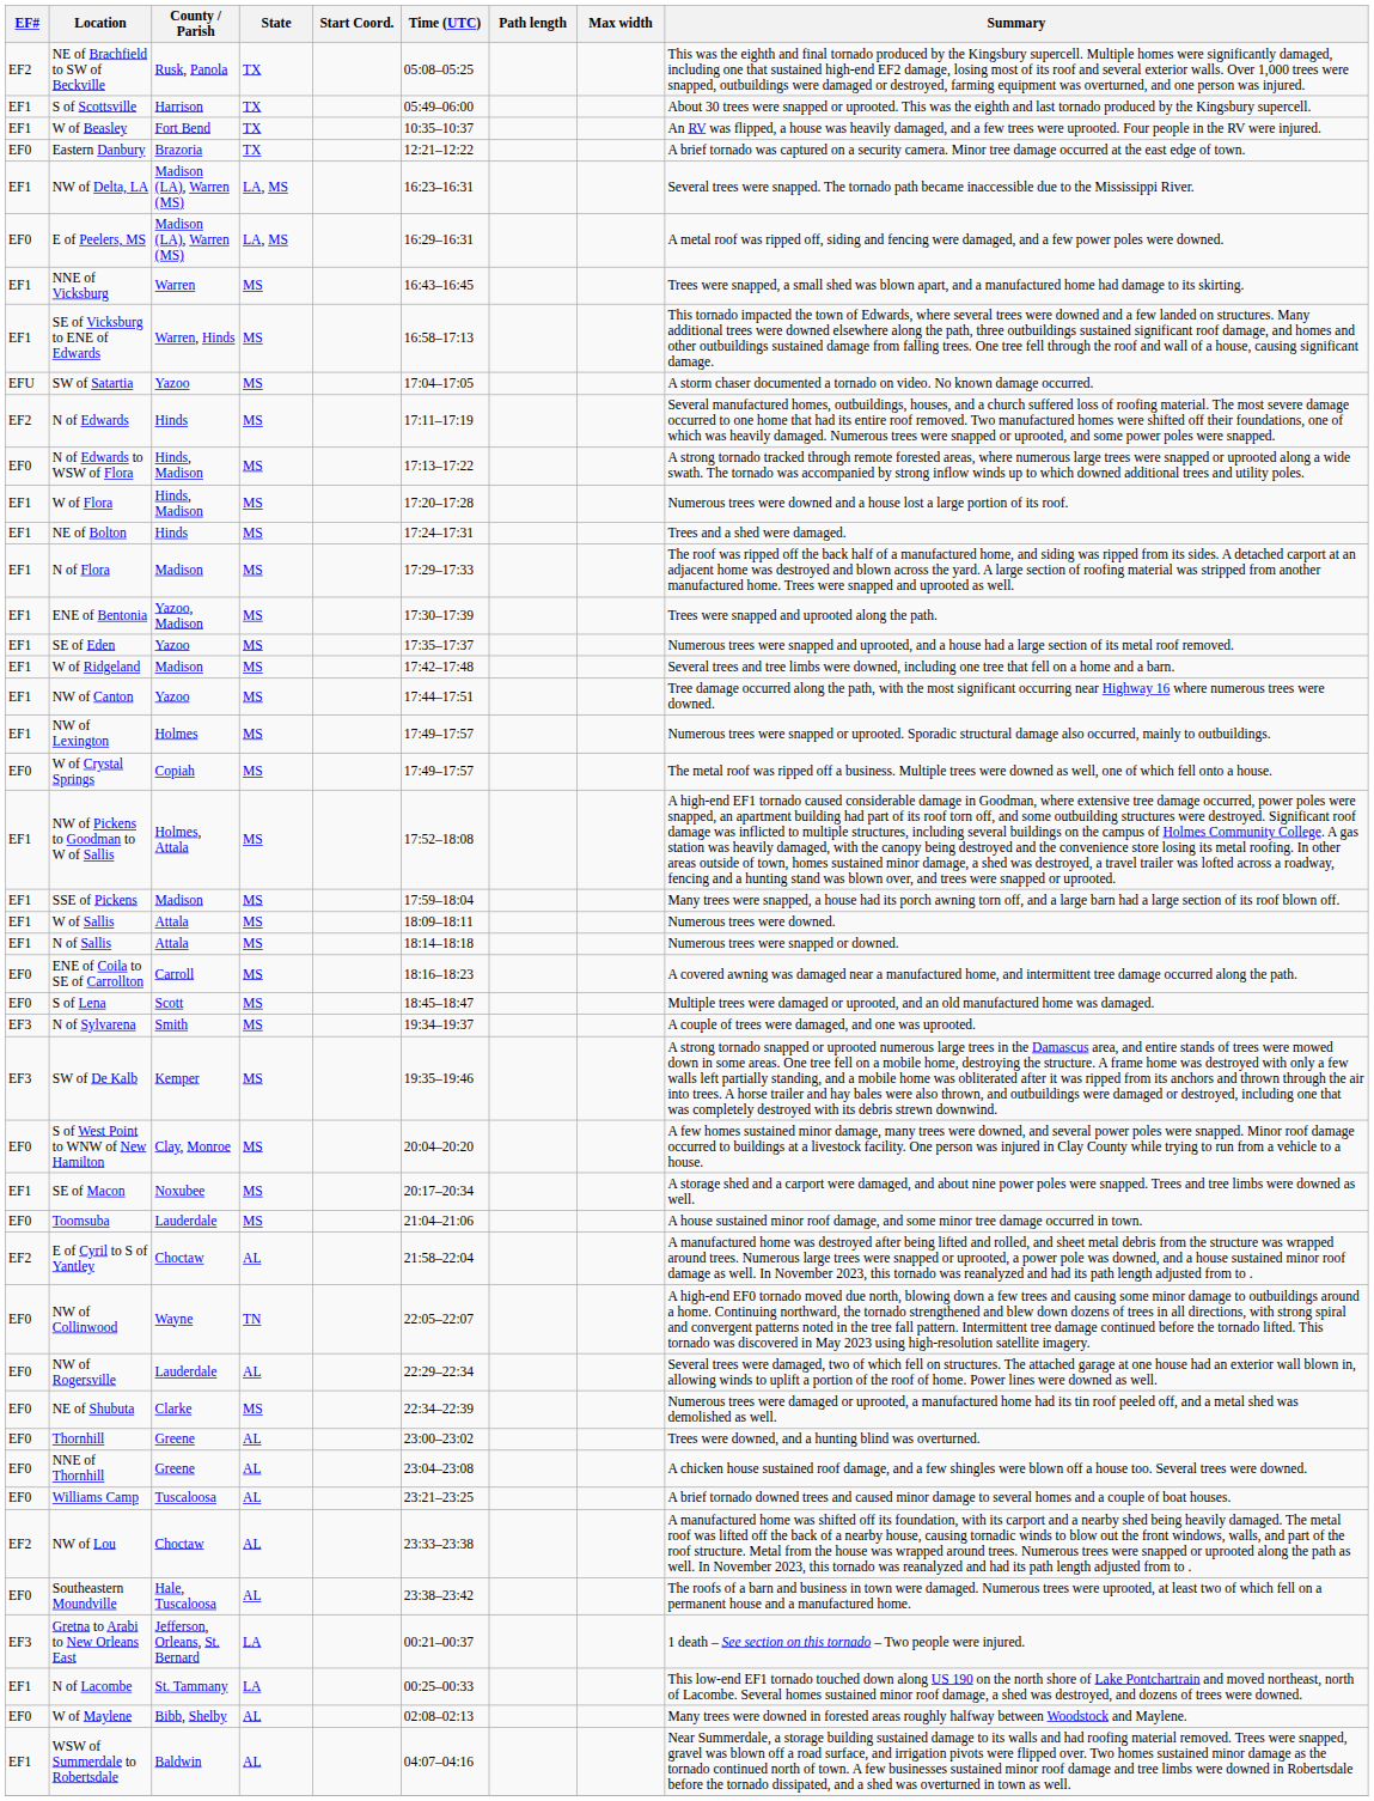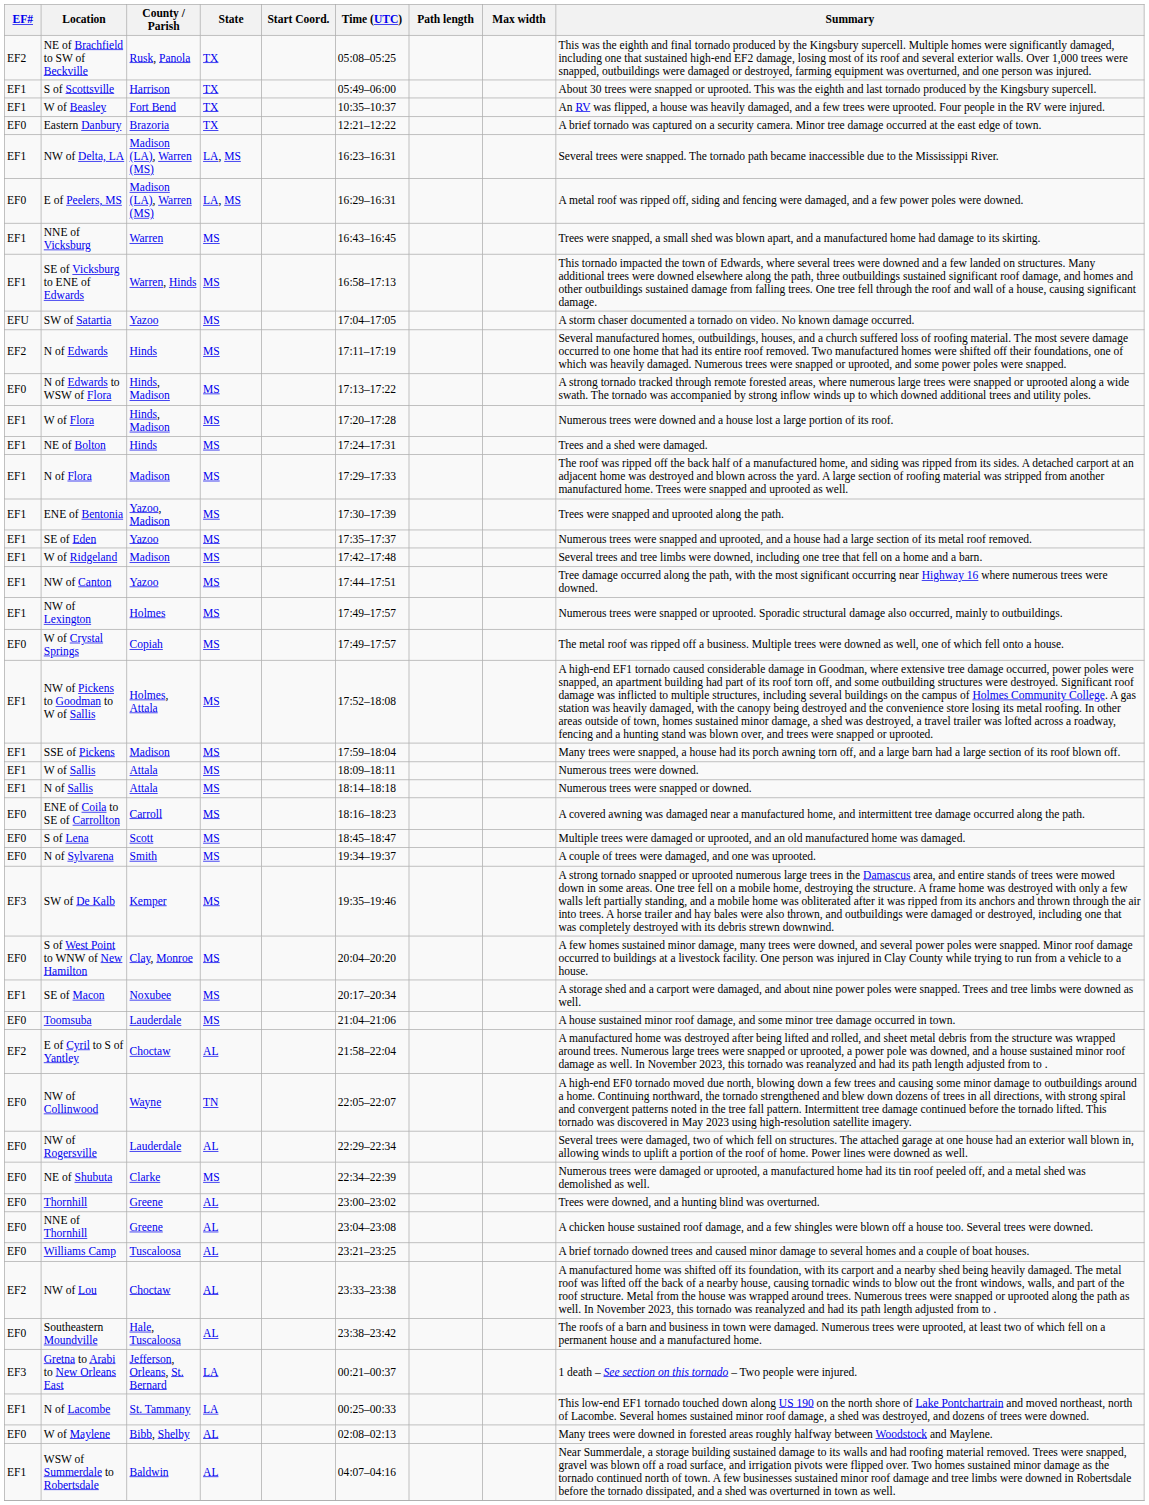 <table class="wikitable sortable" style="width:100%;">
 <tr>
 <th scope="col"  style="width:3%; text-align:center;"><a href='#'>EF#</a></th>
 <th scope="col"  style="width:7%; text-align:center;" class="unsortable">Location</th>
 <th scope="col"  style="width:6%; text-align:center;" class="unsortable">County / Parish</th>
 <th scope="col"  style="width:5%; text-align:center;">State</th>
 <th scope="col"  style="width:6%; text-align:center;">Start Coord.</th>
 <th scope="col"  style="width:6%; text-align:center;">Time (<a href='#'>UTC</a>)</th>
 <th scope="col"  style="width:6%; text-align:center;">Path length</th>
 <th scope="col"  style="width:6%; text-align:center;">Max width</th>
 <th scope="col" class="unsortable" style="width:48%; text-align:center;">Summary</th>
 </tr>
 <tr>
 <td>EF2</td>
 <td>NE of <a href='#'>Brachfield</a> to SW of <a href='#'>Beckville</a></td>
 <td><a href='#'>Rusk</a>, <a href='#'>Panola</a></td>
 <td><a href='#'>TX</a></td>
 <td></td>
 <td>05:08–05:25</td>
 <td></td>
 <td></td>
 <td>This was the eighth and final tornado produced by the Kingsbury supercell. Multiple homes were significantly damaged, including one that sustained high-end EF2 damage, losing most of its roof and several exterior walls. Over 1,000 trees were snapped, outbuildings were damaged or destroyed, farming equipment was overturned, and one person was injured.</td>
 </tr>
 <tr>
 <td>EF1</td>
 <td>S of <a href='#'>Scottsville</a></td>
 <td><a href='#'>Harrison</a></td>
 <td><a href='#'>TX</a></td>
 <td></td>
 <td>05:49–06:00</td>
 <td></td>
 <td></td>
 <td>About 30 trees were snapped or uprooted. This was the eighth and last tornado produced by the Kingsbury supercell.</td>
 </tr>
 <tr>
 <td>EF1</td>
 <td>W of <a href='#'>Beasley</a></td>
 <td><a href='#'>Fort Bend</a></td>
 <td><a href='#'>TX</a></td>
 <td></td>
 <td>10:35–10:37</td>
 <td></td>
 <td></td>
 <td>An <a href='#'>RV</a> was flipped, a house was heavily damaged, and a few trees were uprooted. Four people in the RV were injured.</td>
 </tr>
 <tr>
 <td>EF0</td>
 <td>Eastern <a href='#'>Danbury</a></td>
 <td><a href='#'>Brazoria</a></td>
 <td><a href='#'>TX</a></td>
 <td></td>
 <td>12:21–12:22</td>
 <td></td>
 <td></td>
 <td>A brief tornado was captured on a security camera. Minor tree damage occurred at the east edge of town.</td>
 </tr>
 <tr>
 <td>EF1</td>
 <td>NW of <a href='#'>Delta, LA</a></td>
 <td><a href='#'>Madison (LA)</a>, <a href='#'>Warren (MS)</a></td>
 <td><a href='#'>LA</a>, <a href='#'>MS</a></td>
 <td></td>
 <td>16:23–16:31</td>
 <td></td>
 <td></td>
 <td>Several trees were snapped. The tornado path became inaccessible due to the Mississippi River.</td>
 </tr>
 <tr>
 <td>EF0</td>
 <td>E of <a href='#'>Peelers, MS</a></td>
 <td><a href='#'>Madison (LA)</a>, <a href='#'>Warren (MS)</a></td>
 <td><a href='#'>LA</a>, <a href='#'>MS</a></td>
 <td></td>
 <td>16:29–16:31</td>
 <td></td>
 <td></td>
 <td>A metal roof was ripped off, siding and fencing were damaged, and a few power poles were downed.</td>
 </tr>
 <tr>
 <td>EF1</td>
 <td>NNE of <a href='#'>Vicksburg</a></td>
 <td><a href='#'>Warren</a></td>
 <td><a href='#'>MS</a></td>
 <td></td>
 <td>16:43–16:45</td>
 <td></td>
 <td></td>
 <td>Trees were snapped, a small shed was blown apart, and a manufactured home had damage to its skirting.</td>
 </tr>
 <tr>
 <td>EF1</td>
 <td>SE of <a href='#'>Vicksburg</a> to ENE of <a href='#'>Edwards</a></td>
 <td><a href='#'>Warren</a>, <a href='#'>Hinds</a></td>
 <td><a href='#'>MS</a></td>
 <td></td>
 <td>16:58–17:13</td>
 <td></td>
 <td></td>
 <td>This tornado impacted the town of Edwards, where several trees were downed and a few landed on structures. Many additional trees were downed elsewhere along the path, three outbuildings sustained significant roof damage, and homes and other outbuildings sustained damage from falling trees. One tree fell through the roof and wall of a house, causing significant damage.</td>
 </tr>
 <tr>
 <td>EFU</td>
 <td>SW of <a href='#'>Satartia</a></td>
 <td><a href='#'>Yazoo</a></td>
 <td><a href='#'>MS</a></td>
 <td></td>
 <td>17:04–17:05</td>
 <td></td>
 <td></td>
 <td>A storm chaser documented a tornado on video. No known damage occurred.</td>
 </tr>
 <tr>
 <td>EF2</td>
 <td>N of <a href='#'>Edwards</a></td>
 <td><a href='#'>Hinds</a></td>
 <td><a href='#'>MS</a></td>
 <td></td>
 <td>17:11–17:19</td>
 <td></td>
 <td></td>
 <td>Several manufactured homes, outbuildings, houses, and a church suffered loss of roofing material. The most severe damage occurred to one home that had its entire roof removed. Two manufactured homes were shifted off their foundations, one of which was heavily damaged. Numerous trees were snapped or uprooted, and some power poles were snapped.</td>
 </tr>
 <tr>
 <td>EF0</td>
 <td>N of <a href='#'>Edwards</a> to WSW of <a href='#'>Flora</a></td>
 <td><a href='#'>Hinds</a>, <a href='#'>Madison</a></td>
 <td><a href='#'>MS</a></td>
 <td></td>
 <td>17:13–17:22</td>
 <td></td>
 <td></td>
 <td>A strong tornado tracked through remote forested areas, where numerous large trees were snapped or uprooted along a wide swath. The tornado was accompanied by strong inflow winds up to  which downed additional trees and utility poles.</td>
 </tr>
 <tr>
 <td>EF1</td>
 <td>W of <a href='#'>Flora</a></td>
 <td><a href='#'>Hinds</a>, <a href='#'>Madison</a></td>
 <td><a href='#'>MS</a></td>
 <td></td>
 <td>17:20–17:28</td>
 <td></td>
 <td></td>
 <td>Numerous trees were downed and a house lost a large portion of its roof.</td>
 </tr>
 <tr>
 <td>EF1</td>
 <td>NE of <a href='#'>Bolton</a></td>
 <td><a href='#'>Hinds</a></td>
 <td><a href='#'>MS</a></td>
 <td></td>
 <td>17:24–17:31</td>
 <td></td>
 <td></td>
 <td>Trees and a shed were damaged.</td>
 </tr>
 <tr>
 <td>EF1</td>
 <td>N of <a href='#'>Flora</a></td>
 <td><a href='#'>Madison</a></td>
 <td><a href='#'>MS</a></td>
 <td></td>
 <td>17:29–17:33</td>
 <td></td>
 <td></td>
 <td>The roof was ripped off the back half of a manufactured home, and siding was ripped from its sides. A detached carport at an adjacent home was destroyed and blown across the yard. A large section of roofing material was stripped from another manufactured home. Trees were snapped and uprooted as well.</td>
 </tr>
 <tr>
 <td>EF1</td>
 <td>ENE of <a href='#'>Bentonia</a></td>
 <td><a href='#'>Yazoo</a>, <a href='#'>Madison</a></td>
 <td><a href='#'>MS</a></td>
 <td></td>
 <td>17:30–17:39</td>
 <td></td>
 <td></td>
 <td>Trees were snapped and uprooted along the path.</td>
 </tr>
 <tr>
 <td>EF1</td>
 <td>SE of <a href='#'>Eden</a></td>
 <td><a href='#'>Yazoo</a></td>
 <td><a href='#'>MS</a></td>
 <td></td>
 <td>17:35–17:37</td>
 <td></td>
 <td></td>
 <td>Numerous trees were snapped and uprooted, and a house had a large section of its metal roof removed.</td>
 </tr>
 <tr>
 <td>EF1</td>
 <td>W of <a href='#'>Ridgeland</a></td>
 <td><a href='#'>Madison</a></td>
 <td><a href='#'>MS</a></td>
 <td></td>
 <td>17:42–17:48</td>
 <td></td>
 <td></td>
 <td>Several trees and tree limbs were downed, including one tree that fell on a home and a barn.</td>
 </tr>
 <tr>
 <td>EF1</td>
 <td>NW of <a href='#'>Canton</a></td>
 <td><a href='#'>Yazoo</a></td>
 <td><a href='#'>MS</a></td>
 <td></td>
 <td>17:44–17:51</td>
 <td></td>
 <td></td>
 <td>Tree damage occurred along the path, with the most significant occurring near <a href='#'>Highway 16</a> where numerous trees were downed.</td>
 </tr>
 <tr>
 <td>EF1</td>
 <td>NW of <a href='#'>Lexington</a></td>
 <td><a href='#'>Holmes</a></td>
 <td><a href='#'>MS</a></td>
 <td></td>
 <td>17:49–17:57</td>
 <td></td>
 <td></td>
 <td>Numerous trees were snapped or uprooted. Sporadic structural damage also occurred, mainly to outbuildings.</td>
 </tr>
 <tr>
 <td>EF0</td>
 <td>W of <a href='#'>Crystal Springs</a></td>
 <td><a href='#'>Copiah</a></td>
 <td><a href='#'>MS</a></td>
 <td></td>
 <td>17:49–17:57</td>
 <td></td>
 <td></td>
 <td>The metal roof was ripped off a business. Multiple trees were downed as well, one of which fell onto a house.</td>
 </tr>
 <tr>
 <td>EF1</td>
 <td>NW of <a href='#'>Pickens</a> to <a href='#'>Goodman</a> to W of <a href='#'>Sallis</a></td>
 <td><a href='#'>Holmes</a>, <a href='#'>Attala</a></td>
 <td><a href='#'>MS</a></td>
 <td></td>
 <td>17:52–18:08</td>
 <td></td>
 <td></td>
 <td>A high-end EF1 tornado caused considerable damage in Goodman, where extensive tree damage occurred, power poles were snapped, an apartment building had part of its roof torn off, and some outbuilding structures were destroyed. Significant roof damage was inflicted to multiple structures, including several buildings on the campus of <a href='#'>Holmes Community College</a>. A gas station was heavily damaged, with the canopy being destroyed and the convenience store losing its metal roofing. In other areas outside of town, homes sustained minor damage, a shed was destroyed, a travel trailer was lofted across a roadway, fencing and a hunting stand was blown over, and trees were snapped or uprooted.</td>
 </tr>
 <tr>
 <td>EF1</td>
 <td>SSE of <a href='#'>Pickens</a></td>
 <td><a href='#'>Madison</a></td>
 <td><a href='#'>MS</a></td>
 <td></td>
 <td>17:59–18:04</td>
 <td></td>
 <td></td>
 <td>Many trees were snapped, a house had its porch awning torn off, and a large barn had a large section of its roof blown off.</td>
 </tr>
 <tr>
 <td>EF1</td>
 <td>W of <a href='#'>Sallis</a></td>
 <td><a href='#'>Attala</a></td>
 <td><a href='#'>MS</a></td>
 <td></td>
 <td>18:09–18:11</td>
 <td></td>
 <td></td>
 <td>Numerous trees were downed.</td>
 </tr>
 <tr>
 <td>EF1</td>
 <td>N of <a href='#'>Sallis</a></td>
 <td><a href='#'>Attala</a></td>
 <td><a href='#'>MS</a></td>
 <td></td>
 <td>18:14–18:18</td>
 <td></td>
 <td></td>
 <td>Numerous trees were snapped or downed.</td>
 </tr>
 <tr>
 <td>EF0</td>
 <td>ENE of <a href='#'>Coila</a> to SE of <a href='#'>Carrollton</a></td>
 <td><a href='#'>Carroll</a></td>
 <td><a href='#'>MS</a></td>
 <td></td>
 <td>18:16–18:23</td>
 <td></td>
 <td></td>
 <td>A covered awning was damaged near a manufactured home, and intermittent tree damage occurred along the path.</td>
 </tr>
 <tr>
 <td>EF0</td>
 <td>S of <a href='#'>Lena</a></td>
 <td><a href='#'>Scott</a></td>
 <td><a href='#'>MS</a></td>
 <td></td>
 <td>18:45–18:47</td>
 <td></td>
 <td></td>
 <td>Multiple trees were damaged or uprooted, and an old manufactured home was damaged.</td>
 </tr>
 <tr>
-<td>EF3</td>
+<td>EF0</td>
 <td>N of <a href='#'>Sylvarena</a></td>
 <td><a href='#'>Smith</a></td>
 <td><a href='#'>MS</a></td>
 <td></td>
 <td>19:34–19:37</td>
 <td></td>
 <td></td>
 <td>A couple of trees were damaged, and one was uprooted.</td>
 </tr>
 <tr>
 <td>EF3</td>
 <td>SW of <a href='#'>De Kalb</a></td>
 <td><a href='#'>Kemper</a></td>
 <td><a href='#'>MS</a></td>
 <td></td>
 <td>19:35–19:46</td>
 <td></td>
 <td></td>
 <td>A strong tornado snapped or uprooted numerous large trees in the <a href='#'>Damascus</a> area, and entire stands of trees were mowed down in some areas. One tree fell on a mobile home, destroying the structure. A frame home was destroyed with only a few walls left partially standing, and a mobile home was obliterated after it was ripped from its anchors and thrown  through the air into trees. A horse trailer and hay bales were also thrown, and outbuildings were damaged or destroyed, including one that was completely destroyed with its debris strewn downwind.</td>
 </tr>
 <tr>
 <td>EF0</td>
 <td>S of <a href='#'>West Point</a> to WNW of <a href='#'>New Hamilton</a></td>
 <td><a href='#'>Clay</a>, <a href='#'>Monroe</a></td>
 <td><a href='#'>MS</a></td>
 <td></td>
 <td>20:04–20:20</td>
 <td></td>
 <td></td>
 <td>A few homes sustained minor damage, many trees were downed, and several power poles were snapped. Minor roof damage occurred to buildings at a livestock facility. One person was injured in Clay County while trying to run from a vehicle to a house.</td>
 </tr>
 <tr>
 <td>EF1</td>
 <td>SE of <a href='#'>Macon</a></td>
 <td><a href='#'>Noxubee</a></td>
 <td><a href='#'>MS</a></td>
 <td></td>
 <td>20:17–20:34</td>
 <td></td>
 <td></td>
 <td>A storage shed and a carport were damaged, and about nine power poles were snapped. Trees and tree limbs were downed as well.</td>
 </tr>
 <tr>
 <td>EF0</td>
 <td><a href='#'>Toomsuba</a></td>
 <td><a href='#'>Lauderdale</a></td>
 <td><a href='#'>MS</a></td>
 <td></td>
 <td>21:04–21:06</td>
 <td></td>
 <td></td>
 <td>A house sustained minor roof damage, and some minor tree damage occurred in town.</td>
 </tr>
 <tr>
 <td>EF2</td>
 <td>E of <a href='#'>Cyril</a> to S of <a href='#'>Yantley</a></td>
 <td><a href='#'>Choctaw</a></td>
 <td><a href='#'>AL</a></td>
 <td></td>
 <td>21:58–22:04</td>
 <td></td>
 <td></td>
 <td>A manufactured home was destroyed after being lifted and rolled, and sheet metal debris from the structure was wrapped around trees. Numerous large trees were snapped or uprooted, a power pole was downed, and a house sustained minor roof damage as well. In November 2023, this tornado was reanalyzed and had its path length adjusted from  to .</td>
 </tr>
 <tr>
 <td>EF0</td>
 <td>NW of <a href='#'>Collinwood</a></td>
 <td><a href='#'>Wayne</a></td>
 <td><a href='#'>TN</a></td>
 <td></td>
 <td>22:05–22:07</td>
 <td></td>
 <td></td>
 <td>A high-end EF0 tornado moved due north, blowing down a few trees and causing some minor damage to outbuildings around a home. Continuing northward, the tornado strengthened and blew down dozens of trees in all directions, with strong spiral and convergent patterns noted in the tree fall pattern. Intermittent tree damage continued before the tornado lifted. This tornado was discovered in May 2023 using high-resolution satellite imagery.</td>
 </tr>
 <tr>
 <td>EF0</td>
 <td>NW of <a href='#'>Rogersville</a></td>
 <td><a href='#'>Lauderdale</a></td>
 <td><a href='#'>AL</a></td>
 <td></td>
 <td>22:29–22:34</td>
 <td></td>
 <td></td>
 <td>Several trees were damaged, two of which fell on structures. The attached garage at one house had an exterior wall blown in, allowing winds to uplift a portion of the roof of home. Power lines were downed as well.</td>
 </tr>
 <tr>
 <td>EF0</td>
 <td>NE of <a href='#'>Shubuta</a></td>
 <td><a href='#'>Clarke</a></td>
 <td><a href='#'>MS</a></td>
 <td></td>
 <td>22:34–22:39</td>
 <td></td>
 <td></td>
 <td>Numerous trees were damaged or uprooted, a manufactured home had its tin roof peeled off, and a metal shed was demolished as well.</td>
 </tr>
 <tr>
 <td>EF0</td>
 <td><a href='#'>Thornhill</a></td>
 <td><a href='#'>Greene</a></td>
 <td><a href='#'>AL</a></td>
 <td></td>
 <td>23:00–23:02</td>
 <td></td>
 <td></td>
 <td>Trees were downed, and a hunting blind was overturned.</td>
 </tr>
 <tr>
 <td>EF0</td>
 <td>NNE of <a href='#'>Thornhill</a></td>
 <td><a href='#'>Greene</a></td>
 <td><a href='#'>AL</a></td>
 <td></td>
 <td>23:04–23:08</td>
 <td></td>
 <td></td>
 <td>A chicken house sustained roof damage, and a few shingles were blown off a house too. Several trees were downed.</td>
 </tr>
 <tr>
 <td>EF0</td>
 <td><a href='#'>Williams Camp</a></td>
 <td><a href='#'>Tuscaloosa</a></td>
 <td><a href='#'>AL</a></td>
 <td></td>
 <td>23:21–23:25</td>
 <td></td>
 <td></td>
 <td>A brief tornado downed trees and caused minor damage to several homes and a couple of boat houses.</td>
 </tr>
 <tr>
 <td>EF2</td>
 <td>NW of <a href='#'>Lou</a></td>
 <td><a href='#'>Choctaw</a></td>
 <td><a href='#'>AL</a></td>
 <td></td>
 <td>23:33–23:38</td>
 <td></td>
 <td></td>
 <td>A manufactured home was shifted off its foundation, with its carport and a nearby shed being heavily damaged. The metal roof was lifted off the back of a nearby house, causing tornadic winds to blow out the front windows, walls, and part of the roof structure. Metal from the house was wrapped around trees. Numerous trees were snapped or uprooted along the path as well. In November 2023, this tornado was reanalyzed and had its path length adjusted from  to .</td>
 </tr>
 <tr>
 <td>EF0</td>
 <td>Southeastern <a href='#'>Moundville</a></td>
 <td><a href='#'>Hale</a>, <a href='#'>Tuscaloosa</a></td>
 <td><a href='#'>AL</a></td>
 <td></td>
 <td>23:38–23:42</td>
 <td></td>
 <td></td>
 <td>The roofs of a barn and business in town were damaged. Numerous trees were uprooted, at least two of which fell on a permanent house and a manufactured home.</td>
 </tr>
 <tr>
 <td>EF3</td>
 <td><a href='#'>Gretna</a> to <a href='#'>Arabi</a> to <a href='#'>New Orleans East</a></td>
 <td><a href='#'>Jefferson</a>, <a href='#'>Orleans</a>, <a href='#'>St. Bernard</a></td>
 <td><a href='#'>LA</a></td>
 <td></td>
 <td>00:21–00:37</td>
 <td></td>
 <td></td>
 <td>1 death – <em><a href='#'>See section on this tornado</a></em> – Two people were injured.</td>
 </tr>
 <tr>
 <td>EF1</td>
 <td>N of <a href='#'>Lacombe</a></td>
 <td><a href='#'>St. Tammany</a></td>
 <td><a href='#'>LA</a></td>
 <td></td>
 <td>00:25–00:33</td>
 <td></td>
 <td></td>
 <td>This low-end EF1 tornado touched down along <a href='#'>US 190</a> on the north shore of <a href='#'>Lake Pontchartrain</a> and moved northeast, north of Lacombe. Several homes sustained minor roof damage, a shed was destroyed, and dozens of trees were downed.</td>
 </tr>
 <tr>
 <td>EF0</td>
 <td>W of <a href='#'>Maylene</a></td>
 <td><a href='#'>Bibb</a>, <a href='#'>Shelby</a></td>
 <td><a href='#'>AL</a></td>
 <td></td>
 <td>02:08–02:13</td>
 <td></td>
 <td></td>
 <td>Many trees were downed in forested areas roughly halfway between <a href='#'>Woodstock</a> and Maylene.</td>
 </tr>
 <tr>
 <td>EF1</td>
 <td>WSW of <a href='#'>Summerdale</a> to <a href='#'>Robertsdale</a></td>
 <td><a href='#'>Baldwin</a></td>
 <td><a href='#'>AL</a></td>
 <td></td>
 <td>04:07–04:16</td>
 <td></td>
 <td></td>
 <td>Near Summerdale, a storage building sustained damage to its walls and had roofing material removed. Trees were snapped, gravel was blown off a road surface, and irrigation pivots were flipped over. Two homes sustained minor damage as the tornado continued north of town. A few businesses sustained minor roof damage and tree limbs were downed in Robertsdale before the tornado dissipated, and a shed was overturned in town as well.</td>
 </tr>
 <tr>
 </tr>
 </table>
